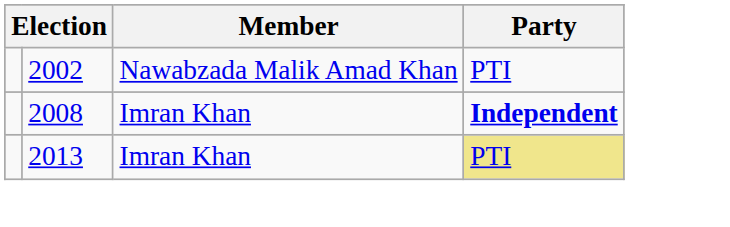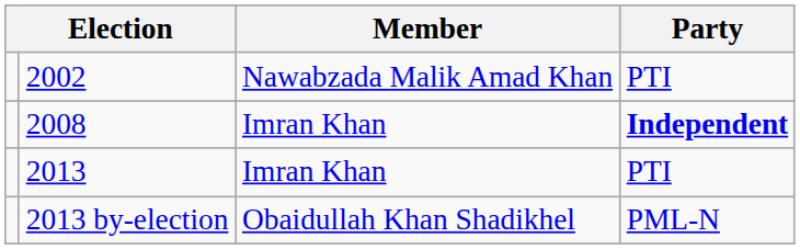 <table class="wikitable">
 <tr>
 <th colspan="2">Election</th>
 <th>Member</th>
 <th>Party</th>
 </tr>
 <tr>
 <td style="background-color: "></td>
 <td><a href='#'>2002</a></td>
 <td><a href='#'>Nawabzada Malik Amad Khan</a></td>
 <td><a href='#'>PTI</a></td>
 </tr>
 <tr>
 <td style="background-color: "></td>
 <td><a href='#'>2008</a></td>
 <td><a href='#'>Imran Khan</a></td>
 <td><strong><a href='#'>Independent</a></strong></td>
 </tr>
 <tr>
 <td style="background-color: "></td>
 <td><a href='#'>2013</a></td>
 <td><a href='#'>Imran Khan</a></td>
-<td style="background: khaki;"><a href='#'>PTI</a></td>
+<td><a href='#'>PTI</a></td>
+</tr>
+<tr>
+<td style="background-color: "></td>
+<td><a href='#'>2013 by-election</a></td>
+<td><a href='#'>Obaidullah Khan Shadikhel</a></td>
+<td><a href='#'>PML-N</a></td>
 </tr>
 </table>
